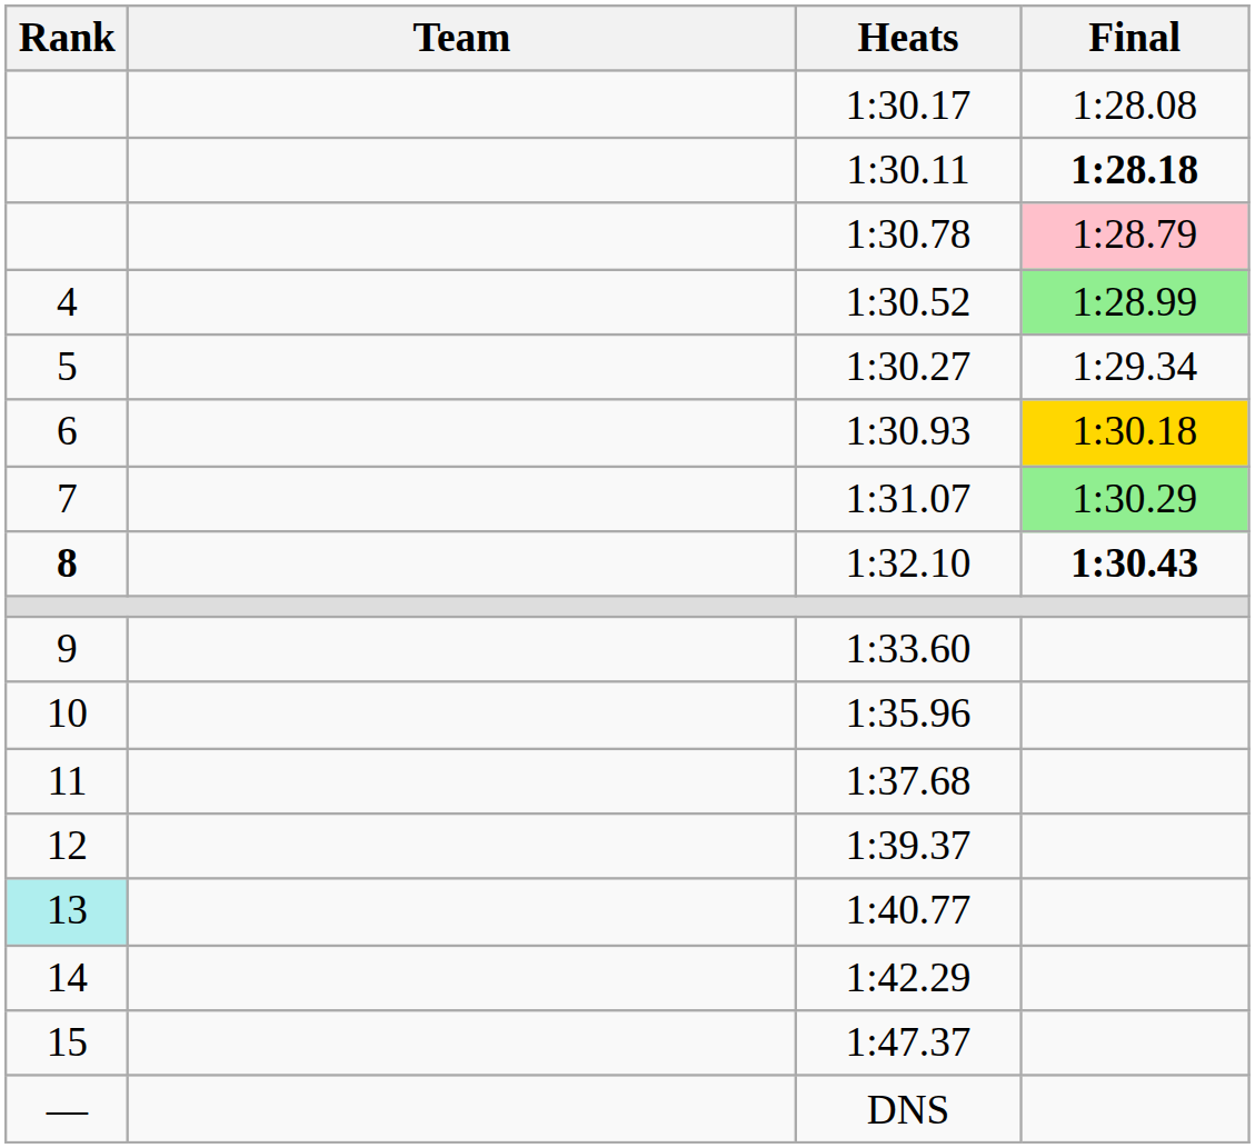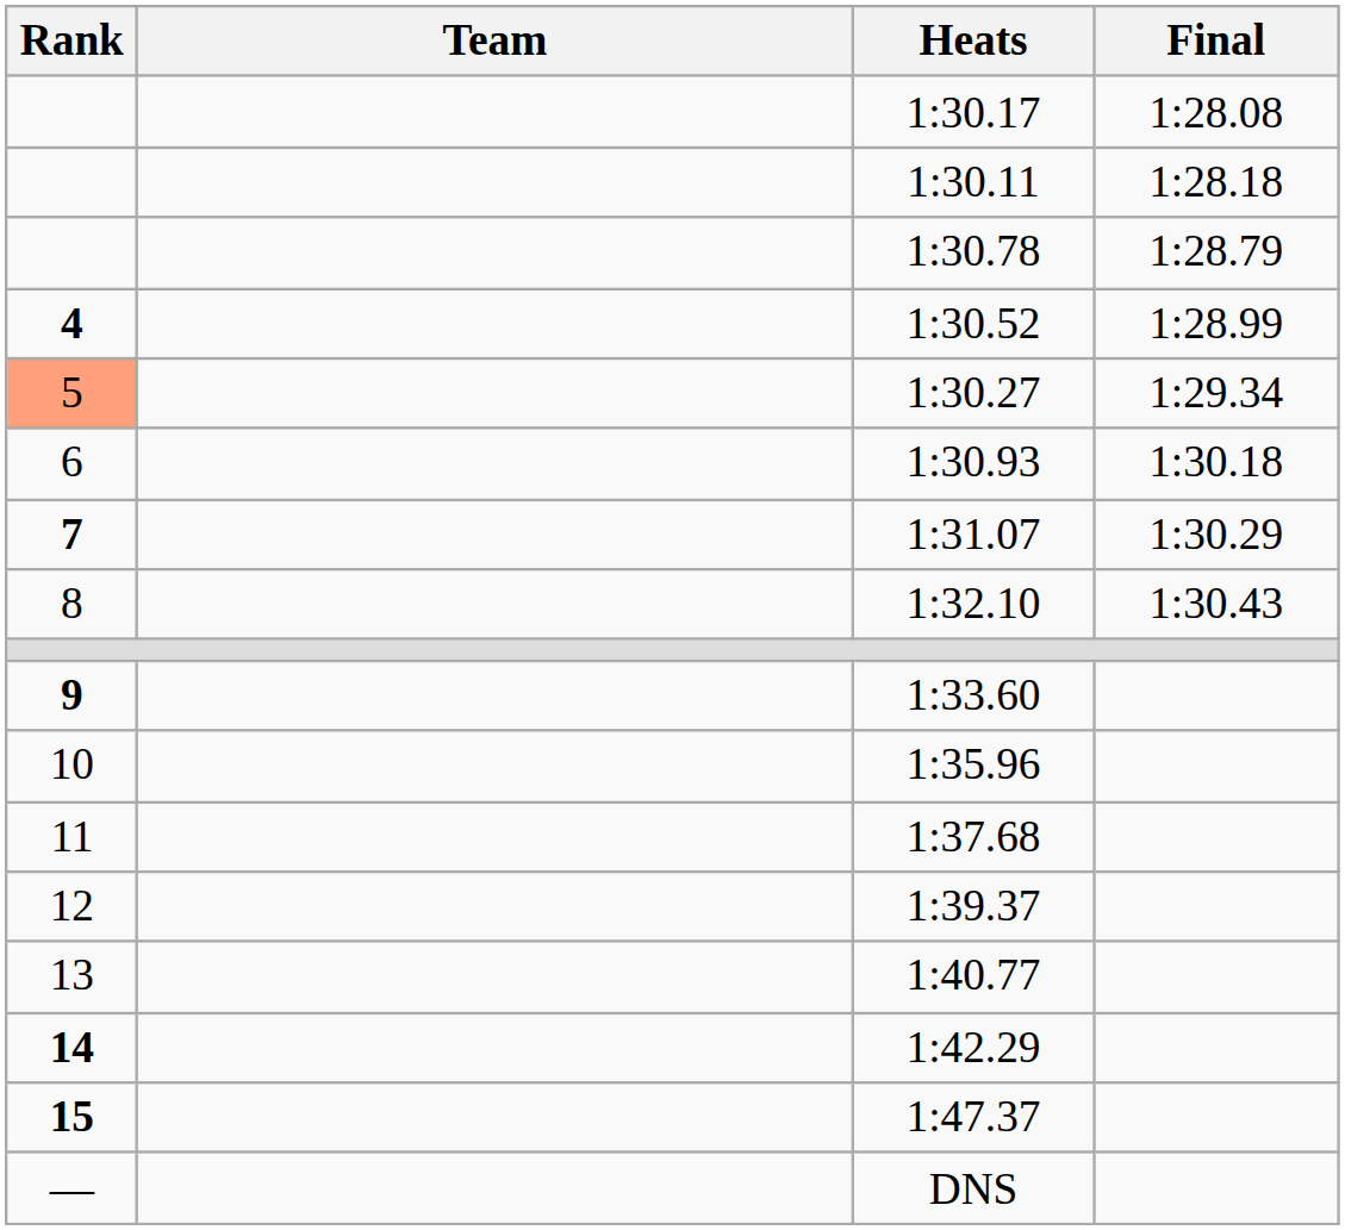 <table class=wikitable style="text-align:center">
 <tr>
 <th width=40>Rank</th>
 <th width=250>Team</th>
 <th width=80>Heats</th>
 <th width=80>Final</th>
 </tr>
 <tr>
 <td></td>
 <td align=left></td>
 <td>1:30.17</td>
 <td>1:28.08</td>
 </tr>
 <tr>
 <td></td>
 <td align=left></td>
 <td>1:30.11</td>
-<td><strong>1:28.18</strong></td>
+<td>1:28.18</td>
 </tr>
 <tr>
 <td></td>
 <td align=left></td>
 <td>1:30.78</td>
-<td style="background: pink;">1:28.79</td>
+<td>1:28.79</td>
 </tr>
 <tr>
-<td>4</td>
+<td><strong>4</strong></td>
 <td align=left></td>
 <td>1:30.52</td>
-<td style="background: lightgreen;">1:28.99</td>
+<td>1:28.99</td>
 </tr>
 <tr>
-<td>5</td>
+<td style="background: lightsalmon;">5</td>
 <td align=left></td>
 <td>1:30.27</td>
 <td>1:29.34</td>
 </tr>
 <tr>
 <td>6</td>
 <td align=left></td>
 <td>1:30.93</td>
-<td style="background: gold;">1:30.18</td>
+<td>1:30.18</td>
 </tr>
 <tr>
-<td>7</td>
+<td><strong>7</strong></td>
 <td align=left></td>
 <td>1:31.07</td>
-<td style="background: lightgreen;">1:30.29</td>
+<td>1:30.29</td>
 </tr>
 <tr>
-<td><strong>8</strong></td>
+<td>8</td>
 <td align=left></td>
 <td>1:32.10</td>
-<td><strong>1:30.43</strong></td>
+<td>1:30.43</td>
 </tr>
 <tr bgcolor=#DDDDDD>
 <td colspan=4></td>
 </tr>
 <tr>
-<td>9</td>
+<td><strong>9</strong></td>
 <td align=left></td>
 <td>1:33.60</td>
 <td></td>
 </tr>
 <tr>
 <td>10</td>
 <td align=left></td>
 <td>1:35.96</td>
 <td></td>
 </tr>
 <tr>
 <td>11</td>
 <td align=left></td>
 <td>1:37.68</td>
 <td></td>
 </tr>
 <tr>
 <td>12</td>
 <td align=left></td>
 <td>1:39.37</td>
 <td></td>
 </tr>
 <tr>
-<td style="background: paleturquoise;">13</td>
+<td>13</td>
 <td align=left></td>
 <td>1:40.77</td>
 <td></td>
 </tr>
 <tr>
-<td>14</td>
+<td><strong>14</strong></td>
 <td align=left></td>
 <td>1:42.29</td>
 <td></td>
 </tr>
 <tr>
-<td>15</td>
+<td><strong>15</strong></td>
 <td align=left></td>
 <td>1:47.37</td>
 <td></td>
 </tr>
 <tr>
 <td>—</td>
 <td align=left></td>
 <td>DNS</td>
 <td></td>
 </tr>
 </table>
